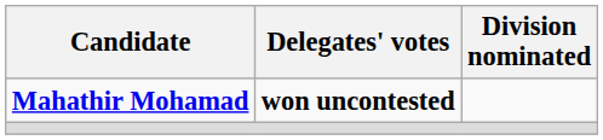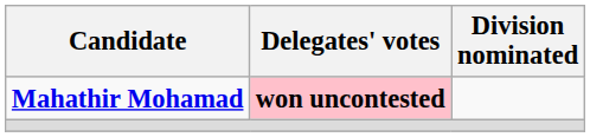 <table class=wikitable>
 <tr>
 <th>Candidate</th>
 <th>Delegates' votes</th>
 <th>Division<br>nominated</th>
 </tr>
 <tr>
 <td><strong><a href='#'>Mahathir Mohamad</a></strong></td>
-<td align=center><strong>won uncontested</strong></td>
+<td align=center style="background: pink;"><strong>won uncontested</strong></td>
 <td align=center><strong></strong></td>
 </tr>
 <tr>
 <td colspan=3 bgcolor=dcdcdc></td>
 </tr>
 </table>
